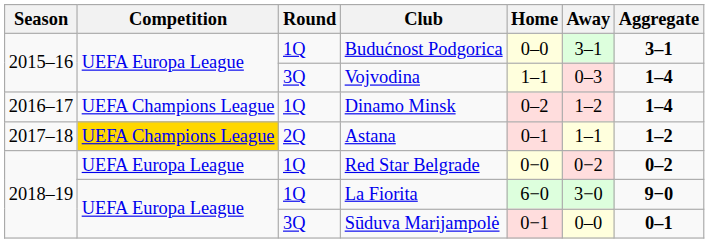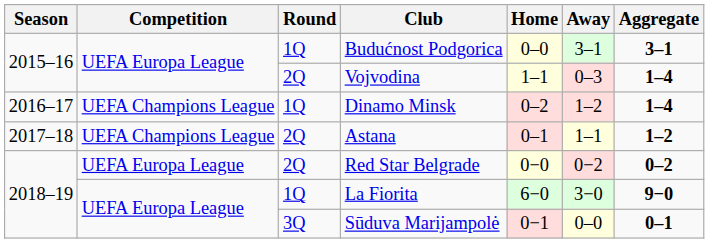 <table class="wikitable">
 <tr>
 <th>Season</th>
 <th>Competition</th>
 <th>Round</th>
 <th>Club</th>
 <th>Home</th>
 <th>Away</th>
 <th>Aggregate</th>
 </tr>
 <tr>
 <td rowspan="2">2015–16</td>
 <td rowspan="2"><a href='#'>UEFA Europa League</a></td>
 <td><a href='#'>1Q</a></td>
 <td> <a href='#'>Budućnost Podgorica</a></td>
 <td style="text-align:center; background:#ffd;">0–0</td>
 <td style="text-align:center; background:#dfd;">3–1</td>
 <td style="text-align:center;"><strong>3–1</strong></td>
 </tr>
 <tr>
-<td><a href='#'>3Q</a></td>
+<td><a href='#'>2Q</a></td>
 <td> <a href='#'>Vojvodina</a></td>
 <td style="text-align:center; background:#ffd;">1–1</td>
 <td style="text-align:center; background:#fdd;">0–3</td>
 <td style="text-align:center;"><strong>1–4</strong></td>
 </tr>
 <tr>
 <td>2016–17</td>
 <td><a href='#'>UEFA Champions League</a></td>
 <td><a href='#'>1Q</a></td>
 <td> <a href='#'>Dinamo Minsk</a></td>
 <td style="text-align:center; background:#fdd;">0–2</td>
 <td style="text-align:center; background:#fdd;">1–2</td>
 <td style="text-align:center;"><strong>1–4</strong></td>
 </tr>
 <tr>
 <td>2017–18</td>
-<td style="background: gold;"><a href='#'>UEFA Champions League</a></td>
+<td><a href='#'>UEFA Champions League</a></td>
 <td><a href='#'>2Q</a></td>
 <td> <a href='#'>Astana</a></td>
 <td style="text-align:center; background:#fdd;">0–1</td>
 <td style="text-align:center; background:#ffd;">1–1</td>
 <td style="text-align:center;"><strong>1–2</strong></td>
 </tr>
 <tr>
 <td rowspan="3">2018–19</td>
 <td><a href='#'>UEFA Europa League</a></td>
-<td><a href='#'>1Q</a></td>
+<td><a href='#'>2Q</a></td>
 <td> <a href='#'>Red Star Belgrade</a></td>
 <td style="text-align:center; background:#ffd;">0−0</td>
 <td style="text-align:center; background:#fdd;">0−2</td>
 <td style="text-align:center;"><strong>0–2</strong></td>
 </tr>
 <tr>
 <td rowspan="2"><a href='#'>UEFA Europa League</a></td>
 <td><a href='#'>1Q</a></td>
 <td> <a href='#'>La Fiorita</a></td>
 <td style="text-align:center; background:#dfd;">6−0</td>
 <td style="text-align:center; background:#dfd;">3−0</td>
 <td style="text-align:center;"><strong>9−0 </strong></td>
 </tr>
 <tr>
 <td><a href='#'>3Q</a></td>
 <td> <a href='#'>Sūduva Marijampolė</a></td>
 <td style="text-align:center; background:#fdd;">0−1</td>
 <td style="text-align:center; background:#ffd;">0–0</td>
 <td style="text-align:center;"><strong>0–1</strong></td>
 </tr>
 </table>
